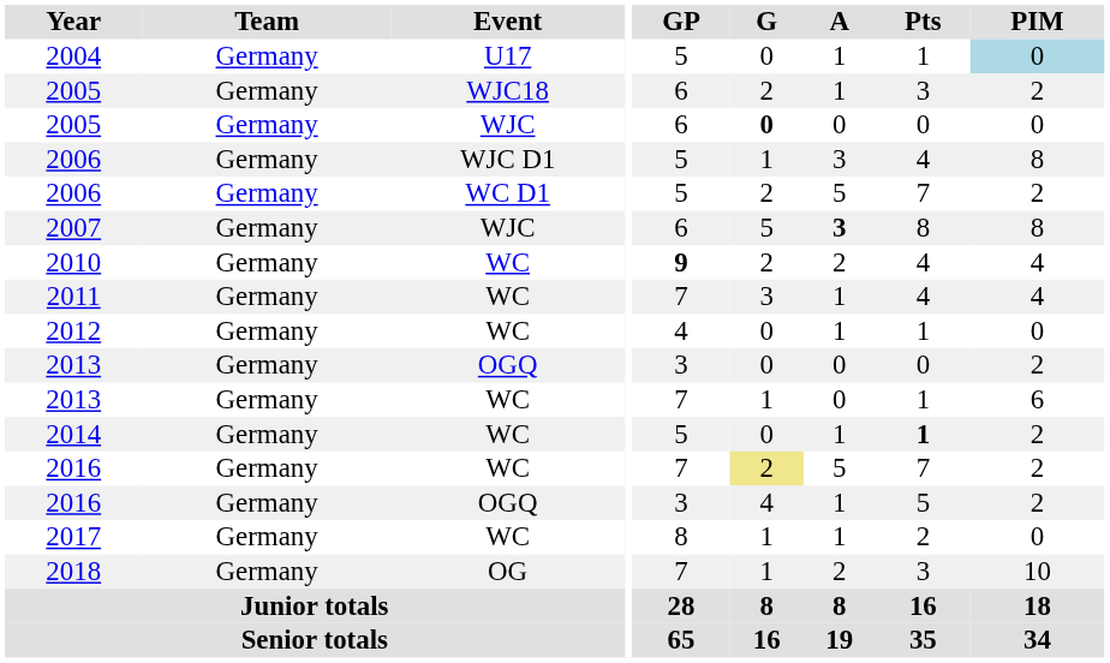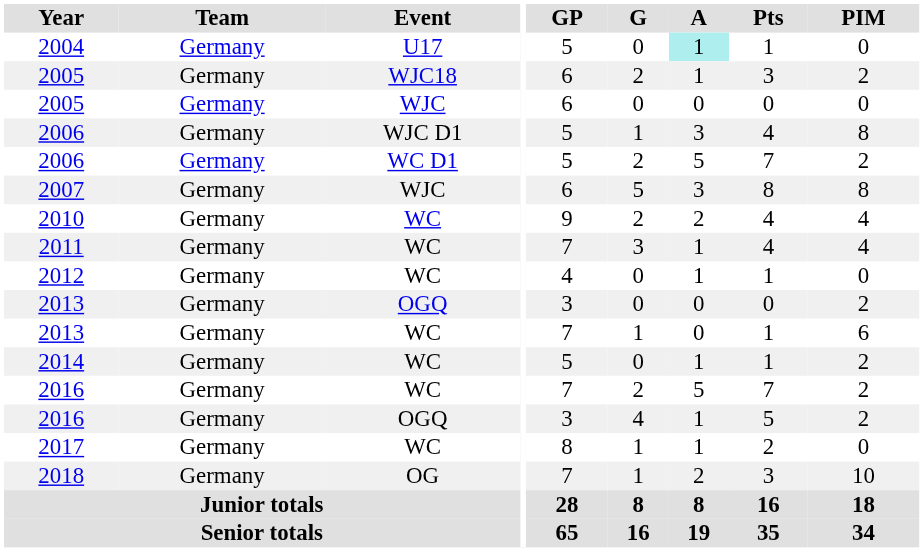 <table border="0" cellpadding="1" cellspacing="0" ID="Table3" style="text-align:center; width:40em">
 <tr ALIGN="center" bgcolor="#e0e0e0">
 <th>Year</th>
 <th>Team</th>
 <th>Event</th>
 <th rowspan="99" bgcolor="#ffffff"></th>
 <th>GP</th>
 <th>G</th>
 <th>A</th>
 <th>Pts</th>
 <th>PIM</th>
 </tr>
 <tr>
 <td><a href='#'>2004</a></td>
 <td><a href='#'>Germany</a></td>
 <td><a href='#'>U17</a></td>
 <td>5</td>
 <td>0</td>
+<td style="background: paleturquoise;">1</td>
 <td>1</td>
-<td>1</td>
-<td style="background: lightblue;">0</td>
+<td>0</td>
 </tr>
 <tr bgcolor="#f0f0f0">
 <td><a href='#'>2005</a></td>
 <td>Germany</td>
 <td><a href='#'>WJC18</a></td>
 <td>6</td>
 <td>2</td>
 <td>1</td>
 <td>3</td>
 <td>2</td>
 </tr>
 <tr>
 <td><a href='#'>2005</a></td>
 <td><a href='#'>Germany</a></td>
 <td><a href='#'>WJC</a></td>
 <td>6</td>
-<td><strong>0</strong></td>
+<td>0</td>
 <td>0</td>
 <td>0</td>
 <td>0</td>
 </tr>
 <tr bgcolor="#f0f0f0">
 <td><a href='#'>2006</a></td>
 <td>Germany</td>
 <td>WJC D1</td>
 <td>5</td>
 <td>1</td>
 <td>3</td>
 <td>4</td>
 <td>8</td>
 </tr>
 <tr>
 <td><a href='#'>2006</a></td>
 <td><a href='#'>Germany</a></td>
 <td><a href='#'>WC D1</a></td>
 <td>5</td>
 <td>2</td>
 <td>5</td>
 <td>7</td>
 <td>2</td>
 </tr>
 <tr bgcolor="#f0f0f0">
 <td><a href='#'>2007</a></td>
 <td>Germany</td>
 <td>WJC</td>
 <td>6</td>
 <td>5</td>
-<td><strong>3</strong></td>
+<td>3</td>
 <td>8</td>
 <td>8</td>
 </tr>
 <tr>
 <td><a href='#'>2010</a></td>
 <td>Germany</td>
 <td><a href='#'>WC</a></td>
-<td><strong>9</strong></td>
+<td>9</td>
 <td>2</td>
 <td>2</td>
 <td>4</td>
 <td>4</td>
 </tr>
 <tr bgcolor="#f0f0f0">
 <td><a href='#'>2011</a></td>
 <td>Germany</td>
 <td>WC</td>
 <td>7</td>
 <td>3</td>
 <td>1</td>
 <td>4</td>
 <td>4</td>
 </tr>
 <tr>
 <td><a href='#'>2012</a></td>
 <td>Germany</td>
 <td>WC</td>
 <td>4</td>
 <td>0</td>
 <td>1</td>
 <td>1</td>
 <td>0</td>
 </tr>
 <tr bgcolor="#f0f0f0">
 <td><a href='#'>2013</a></td>
 <td>Germany</td>
 <td><a href='#'>OGQ</a></td>
 <td>3</td>
 <td>0</td>
 <td>0</td>
 <td>0</td>
 <td>2</td>
 </tr>
 <tr>
 <td><a href='#'>2013</a></td>
 <td>Germany</td>
 <td>WC</td>
 <td>7</td>
 <td>1</td>
 <td>0</td>
 <td>1</td>
 <td>6</td>
 </tr>
 <tr bgcolor="#f0f0f0">
 <td><a href='#'>2014</a></td>
 <td>Germany</td>
 <td>WC</td>
 <td>5</td>
 <td>0</td>
 <td>1</td>
-<td><strong>1</strong></td>
+<td>1</td>
 <td>2</td>
 </tr>
 <tr>
 <td><a href='#'>2016</a></td>
 <td>Germany</td>
 <td>WC</td>
 <td>7</td>
-<td style="background: khaki;">2</td>
+<td>2</td>
 <td>5</td>
 <td>7</td>
 <td>2</td>
 </tr>
 <tr bgcolor="#f0f0f0">
 <td><a href='#'>2016</a></td>
 <td>Germany</td>
 <td>OGQ</td>
 <td>3</td>
 <td>4</td>
 <td>1</td>
 <td>5</td>
 <td>2</td>
 </tr>
 <tr>
 <td><a href='#'>2017</a></td>
 <td>Germany</td>
 <td>WC</td>
 <td>8</td>
 <td>1</td>
 <td>1</td>
 <td>2</td>
 <td>0</td>
 </tr>
 <tr bgcolor="#f0f0f0">
 <td><a href='#'>2018</a></td>
 <td>Germany</td>
 <td>OG</td>
 <td>7</td>
 <td>1</td>
 <td>2</td>
 <td>3</td>
 <td>10</td>
 </tr>
 <tr bgcolor="#e0e0e0">
 <th colspan="3">Junior totals</th>
 <th>28</th>
 <th>8</th>
 <th>8</th>
 <th>16</th>
 <th>18</th>
 </tr>
 <tr bgcolor="#e0e0e0">
 <th colspan="3">Senior totals</th>
 <th>65</th>
 <th>16</th>
 <th>19</th>
 <th>35</th>
 <th>34</th>
 </tr>
 </table>
